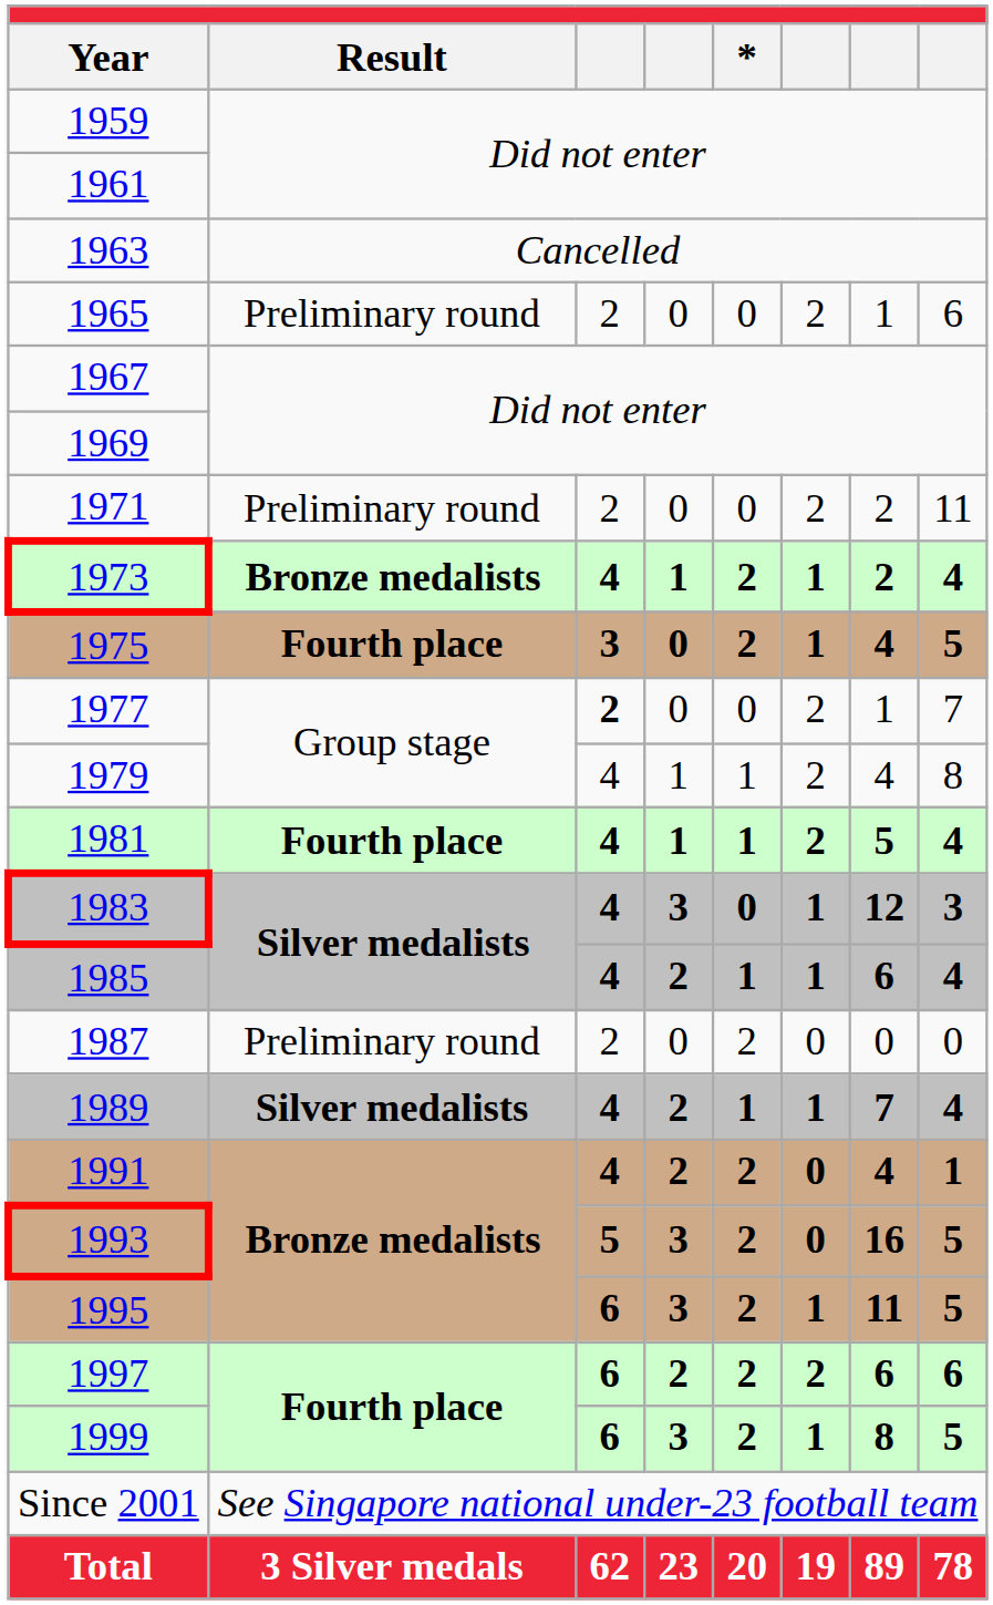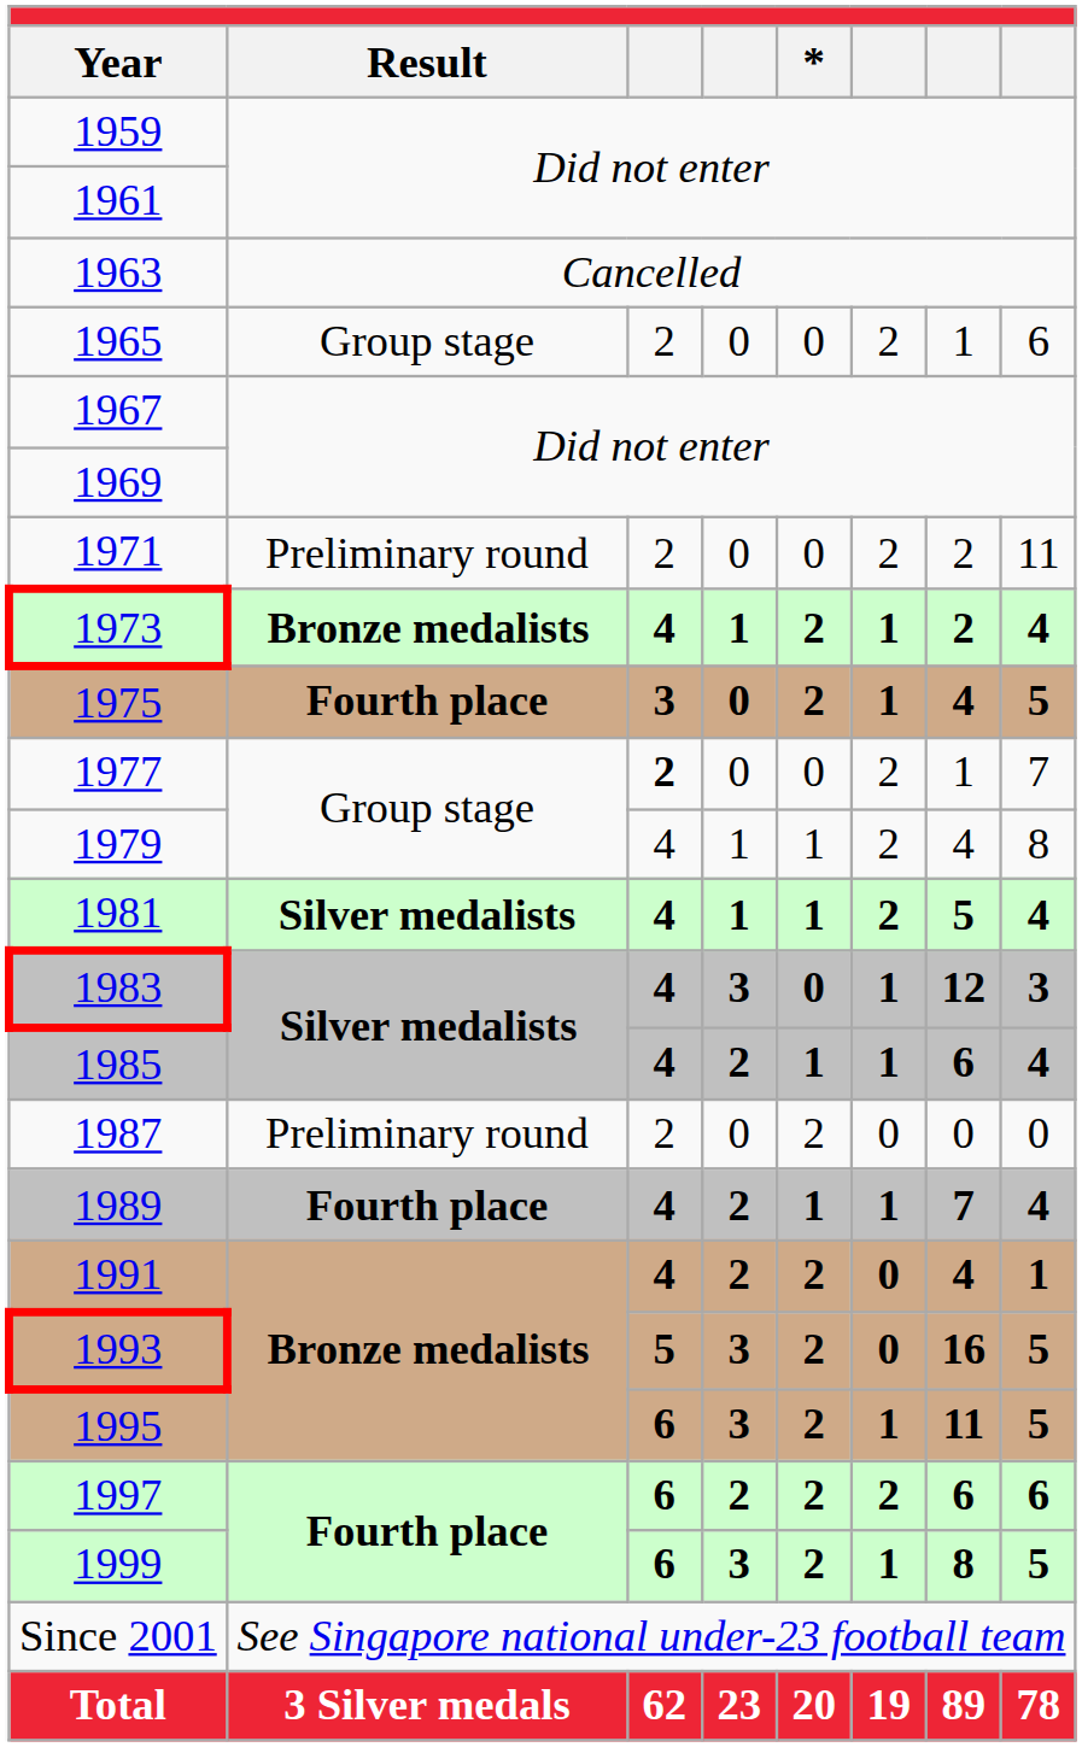 <table class="wikitable" style="text-align:center;">
 <tr>
 <th colspan=9 style="background: #EE2536; color: #FFFFFF;"><a href='#'></a></th>
 </tr>
 <tr>
 <th>Year</th>
 <th>Result</th>
 <th></th>
 <th></th>
 <th>*</th>
 <th></th>
 <th></th>
 <th></th>
 </tr>
 <tr>
 <td> <a href='#'>1959</a></td>
 <td colspan=8 rowspan=2><em>Did not enter</em></td>
 </tr>
 <tr>
 <td> <a href='#'>1961</a></td>
 </tr>
 <tr>
 <td> <a href='#'>1963</a></td>
 <td colspan=8><em>Cancelled</em></td>
 </tr>
 <tr>
 <td> <a href='#'>1965</a></td>
-<td>Preliminary round</td>
+<td>Group stage</td>
 <td>2</td>
 <td>0</td>
 <td>0</td>
 <td>2</td>
 <td>1</td>
 <td>6</td>
 </tr>
 <tr>
 <td> <a href='#'>1967</a></td>
 <td colspan=8 rowspan=2><em>Did not enter</em></td>
 </tr>
 <tr>
 <td> <a href='#'>1969</a></td>
 </tr>
 <tr>
 <td> <a href='#'>1971</a></td>
 <td>Preliminary round</td>
 <td>2</td>
 <td>0</td>
 <td>0</td>
 <td>2</td>
 <td>2</td>
 <td>11</td>
 </tr>
 <tr style="background:#cfc;">
 <td style="border: 3px solid red"> <a href='#'>1973</a></td>
 <td><strong>Bronze medalists</strong></td>
 <td><strong>4</strong></td>
 <td><strong>1</strong></td>
 <td><strong>2</strong></td>
 <td><strong>1</strong></td>
 <td><strong>2</strong></td>
 <td><strong>4</strong></td>
 </tr>
 <tr style="background:#cfaa88;">
 <td> <a href='#'>1975</a></td>
 <td><strong>Fourth place</strong></td>
 <td><strong>3</strong></td>
 <td><strong>0</strong></td>
 <td><strong>2</strong></td>
 <td><strong>1</strong></td>
 <td><strong>4</strong></td>
 <td><strong>5</strong></td>
 </tr>
 <tr>
 <td> <a href='#'>1977</a></td>
 <td rowspan=2>Group stage</td>
 <td><strong>2</strong></td>
 <td>0</td>
 <td>0</td>
 <td>2</td>
 <td>1</td>
 <td>7</td>
 </tr>
 <tr>
 <td> <a href='#'>1979</a></td>
 <td>4</td>
 <td>1</td>
 <td>1</td>
 <td>2</td>
 <td>4</td>
 <td>8</td>
 </tr>
 <tr style="background:#cfc;">
 <td> <a href='#'>1981</a></td>
-<td><strong>Fourth place</strong></td>
+<td><strong>Silver medalists</strong></td>
 <td><strong>4</strong></td>
 <td><strong>1</strong></td>
 <td><strong>1</strong></td>
 <td><strong>2</strong></td>
 <td><strong>5</strong></td>
 <td><strong>4</strong></td>
 </tr>
 <tr style="background:Silver;">
 <td style="border: 3px solid red"> <a href='#'>1983</a></td>
 <td rowspan=2><strong>Silver medalists</strong></td>
 <td><strong>4</strong></td>
 <td><strong>3</strong></td>
 <td><strong>0</strong></td>
 <td><strong>1</strong></td>
 <td><strong>12</strong></td>
 <td><strong>3</strong></td>
 </tr>
 <tr style="background:Silver;">
 <td> <a href='#'>1985</a></td>
 <td><strong>4</strong></td>
 <td><strong>2</strong></td>
 <td><strong>1</strong></td>
 <td><strong>1</strong></td>
 <td><strong>6</strong></td>
 <td><strong>4</strong></td>
 </tr>
 <tr>
 <td> <a href='#'>1987</a></td>
 <td>Preliminary round</td>
 <td>2</td>
 <td>0</td>
 <td>2</td>
 <td>0</td>
 <td>0</td>
 <td>0</td>
 </tr>
 <tr style="background:Silver;">
 <td> <a href='#'>1989</a></td>
-<td><strong>Silver medalists</strong></td>
+<td><strong>Fourth place</strong></td>
 <td><strong>4</strong></td>
 <td><strong>2</strong></td>
 <td><strong>1</strong></td>
 <td><strong>1</strong></td>
 <td><strong>7</strong></td>
 <td><strong>4</strong></td>
 </tr>
 <tr style="background:#cfaa88;">
 <td> <a href='#'>1991</a></td>
 <td rowspan=3><strong>Bronze medalists</strong></td>
 <td><strong>4</strong></td>
 <td><strong>2</strong></td>
 <td><strong>2</strong></td>
 <td><strong>0</strong></td>
 <td><strong>4</strong></td>
 <td><strong>1</strong></td>
 </tr>
 <tr style="background:#cfaa88;">
 <td style="border: 3px solid red"> <a href='#'>1993</a></td>
 <td><strong>5</strong></td>
 <td><strong>3</strong></td>
 <td><strong>2</strong></td>
 <td><strong>0</strong></td>
 <td><strong>16</strong></td>
 <td><strong>5</strong></td>
 </tr>
 <tr style="background:#cfaa88;">
 <td> <a href='#'>1995</a></td>
 <td><strong>6</strong></td>
 <td><strong>3</strong></td>
 <td><strong>2</strong></td>
 <td><strong>1</strong></td>
 <td><strong>11</strong></td>
 <td><strong>5</strong></td>
 </tr>
 <tr style="background:#cfc;">
 <td> <a href='#'>1997</a></td>
 <td rowspan=2><strong>Fourth place</strong></td>
 <td><strong>6</strong></td>
 <td><strong>2</strong></td>
 <td><strong>2</strong></td>
 <td><strong>2</strong></td>
 <td><strong>6</strong></td>
 <td><strong>6</strong></td>
 </tr>
 <tr style="background:#cfc;">
 <td> <a href='#'>1999</a></td>
 <td><strong>6</strong></td>
 <td><strong>3</strong></td>
 <td><strong>2</strong></td>
 <td><strong>1</strong></td>
 <td><strong>8</strong></td>
 <td><strong>5</strong></td>
 </tr>
 <tr>
 <td>Since <a href='#'>2001</a></td>
 <td colspan=8><em>See <a href='#'>Singapore national under-23 football team</a></em></td>
 </tr>
 <tr>
 <td style="background: #EE2536; color: #FFFFFF;"><strong>Total</strong></td>
 <td style="background: #EE2536; color: #FFFFFF;"><strong>3 Silver medals</strong></td>
 <td style="background: #EE2536; color: #FFFFFF;"><strong>62</strong></td>
 <td style="background: #EE2536; color: #FFFFFF;"><strong>23</strong></td>
 <td style="background: #EE2536; color: #FFFFFF;"><strong>20</strong></td>
 <td style="background: #EE2536; color: #FFFFFF;"><strong>19</strong></td>
 <td style="background: #EE2536; color: #FFFFFF;"><strong>89</strong></td>
 <td style="background: #EE2536; color: #FFFFFF;"><strong>78</strong></td>
 </tr>
 </table>
